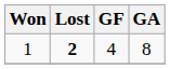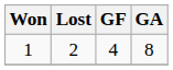 <table class="wikitable" style="text-align:center">
 <tr>
 <th>Won</th>
 <th>Lost</th>
 <th>GF</th>
 <th>GA</th>
 </tr>
 <tr>
 <td>1</td>
-<td><strong>2</strong></td>
+<td>2</td>
 <td>4</td>
 <td>8</td>
 </tr>
 <tr>
 </tr>
 </table>
